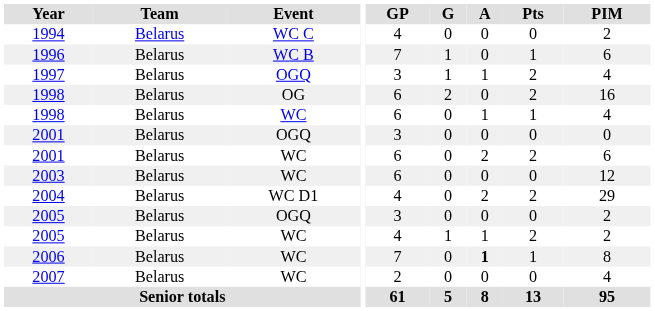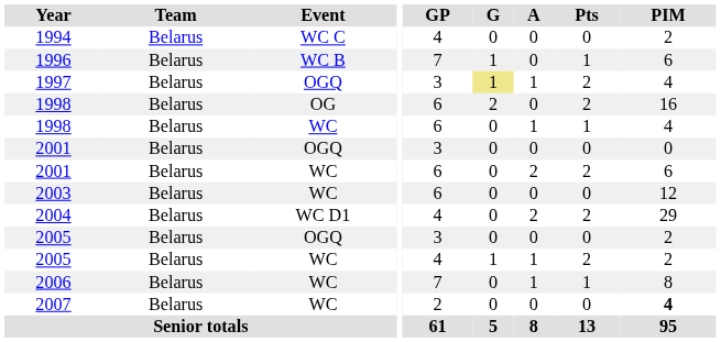 <table border="0" cellpadding="1" cellspacing="0" style="text-align:center; width:40em">
 <tr bgcolor="#e0e0e0">
 <th>Year</th>
 <th>Team</th>
 <th>Event</th>
 <th rowspan="99" bgcolor="#ffffff"></th>
 <th>GP</th>
 <th>G</th>
 <th>A</th>
 <th>Pts</th>
 <th>PIM</th>
 </tr>
 <tr>
 <td><a href='#'>1994</a></td>
 <td><a href='#'>Belarus</a></td>
 <td><a href='#'>WC C</a></td>
 <td>4</td>
 <td>0</td>
 <td>0</td>
 <td>0</td>
 <td>2</td>
 </tr>
 <tr bgcolor="#f0f0f0">
 <td><a href='#'>1996</a></td>
 <td>Belarus</td>
 <td><a href='#'>WC B</a></td>
 <td>7</td>
 <td>1</td>
 <td>0</td>
 <td>1</td>
 <td>6</td>
 </tr>
 <tr>
 <td><a href='#'>1997</a></td>
 <td>Belarus</td>
 <td><a href='#'>OGQ</a></td>
 <td>3</td>
-<td>1</td>
+<td style="background: khaki;">1</td>
 <td>1</td>
 <td>2</td>
 <td>4</td>
 </tr>
 <tr bgcolor="#f0f0f0">
 <td><a href='#'>1998</a></td>
 <td>Belarus</td>
 <td>OG</td>
 <td>6</td>
 <td>2</td>
 <td>0</td>
 <td>2</td>
 <td>16</td>
 </tr>
 <tr>
 <td><a href='#'>1998</a></td>
 <td>Belarus</td>
 <td><a href='#'>WC</a></td>
 <td>6</td>
 <td>0</td>
 <td>1</td>
 <td>1</td>
 <td>4</td>
 </tr>
 <tr bgcolor="#f0f0f0">
 <td><a href='#'>2001</a></td>
 <td>Belarus</td>
 <td>OGQ</td>
 <td>3</td>
 <td>0</td>
 <td>0</td>
 <td>0</td>
 <td>0</td>
 </tr>
 <tr>
 <td><a href='#'>2001</a></td>
 <td>Belarus</td>
 <td>WC</td>
 <td>6</td>
 <td>0</td>
 <td>2</td>
 <td>2</td>
 <td>6</td>
 </tr>
 <tr bgcolor="#f0f0f0">
 <td><a href='#'>2003</a></td>
 <td>Belarus</td>
 <td>WC</td>
 <td>6</td>
 <td>0</td>
 <td>0</td>
 <td>0</td>
 <td>12</td>
 </tr>
 <tr>
 <td><a href='#'>2004</a></td>
 <td>Belarus</td>
 <td>WC D1</td>
 <td>4</td>
 <td>0</td>
 <td>2</td>
 <td>2</td>
 <td>29</td>
 </tr>
 <tr bgcolor="#f0f0f0">
 <td><a href='#'>2005</a></td>
 <td>Belarus</td>
 <td>OGQ</td>
 <td>3</td>
 <td>0</td>
 <td>0</td>
 <td>0</td>
 <td>2</td>
 </tr>
 <tr>
 <td><a href='#'>2005</a></td>
 <td>Belarus</td>
 <td>WC</td>
 <td>4</td>
 <td>1</td>
 <td>1</td>
 <td>2</td>
 <td>2</td>
 </tr>
 <tr bgcolor="#f0f0f0">
 <td><a href='#'>2006</a></td>
 <td>Belarus</td>
 <td>WC</td>
 <td>7</td>
 <td>0</td>
-<td><strong>1</strong></td>
+<td>1</td>
 <td>1</td>
 <td>8</td>
 </tr>
 <tr>
 <td><a href='#'>2007</a></td>
 <td>Belarus</td>
 <td>WC</td>
 <td>2</td>
 <td>0</td>
 <td>0</td>
 <td>0</td>
-<td>4</td>
+<td><strong>4</strong></td>
 </tr>
 <tr bgcolor="#e0e0e0">
 <th colspan="3">Senior totals</th>
 <th>61</th>
 <th>5</th>
 <th>8</th>
 <th>13</th>
 <th>95</th>
 </tr>
 </table>
